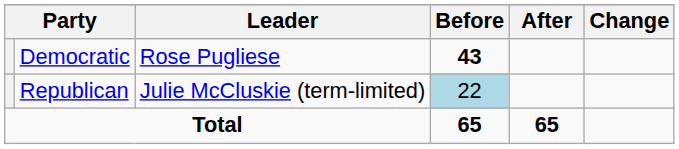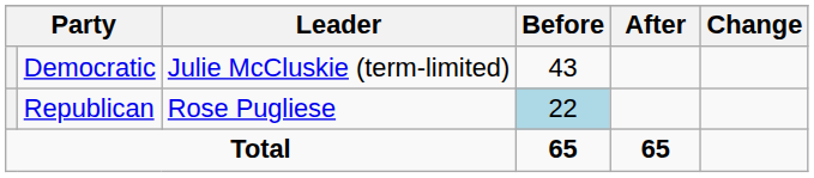 <table class="wikitable" style="text-align:center;">
 <tr>
 </tr>
 <tr>
 <th colspan="2">Party</th>
 <th>Leader</th>
 <th style="width:3em">Before</th>
 <th style="width:3em">After</th>
 <th style="width:3em">Change</th>
 </tr>
 <tr>
 <th style="background-color:"></th>
 <td style="text-align:left;"><a href='#'>Democratic</a></td>
-<td style="text-align:left;"><a href='#'>Rose Pugliese</a></td>
-<td><strong>43</strong></td>
+<td style="text-align:left;"><a href='#'>Julie McCluskie</a> (term-limited)</td>
+<td>43</td>
 <td></td>
 <td></td>
 </tr>
 <tr>
 <th style="background-color:"></th>
 <td style="text-align:left;"><a href='#'>Republican</a></td>
-<td style="text-align:left;"><a href='#'>Julie McCluskie</a> (term-limited)</td>
+<td style="text-align:left;"><a href='#'>Rose Pugliese</a></td>
 <td style="background: lightblue;">22</td>
 <td></td>
 <td></td>
 </tr>
 <tr>
 <td colspan="3"><strong>Total</strong></td>
 <td><strong>65</strong></td>
 <td><strong>65</strong></td>
 <td></td>
 </tr>
 </table>
